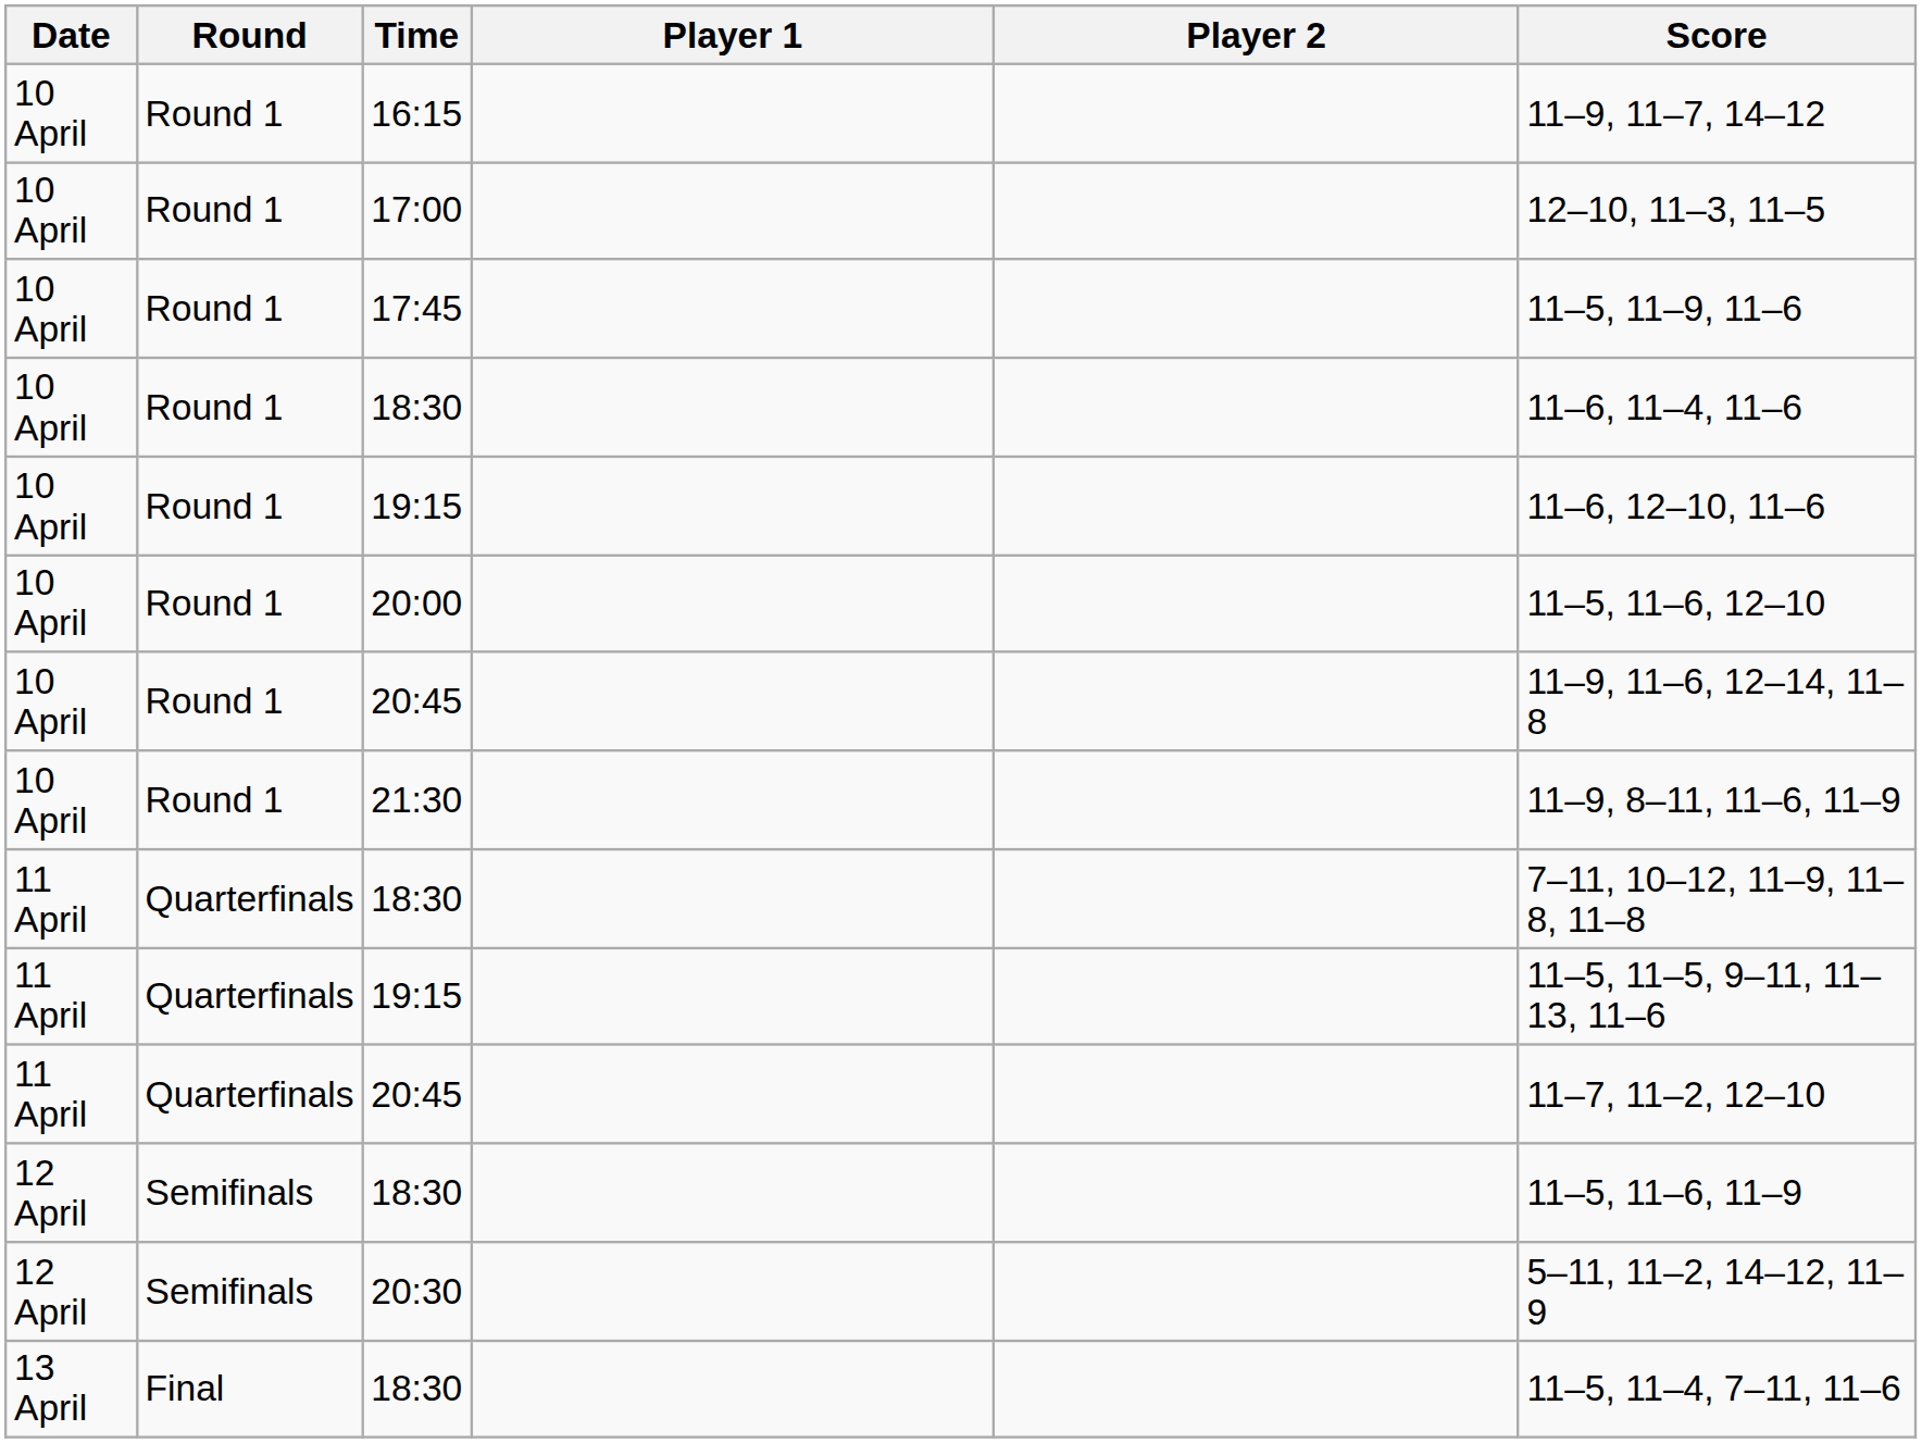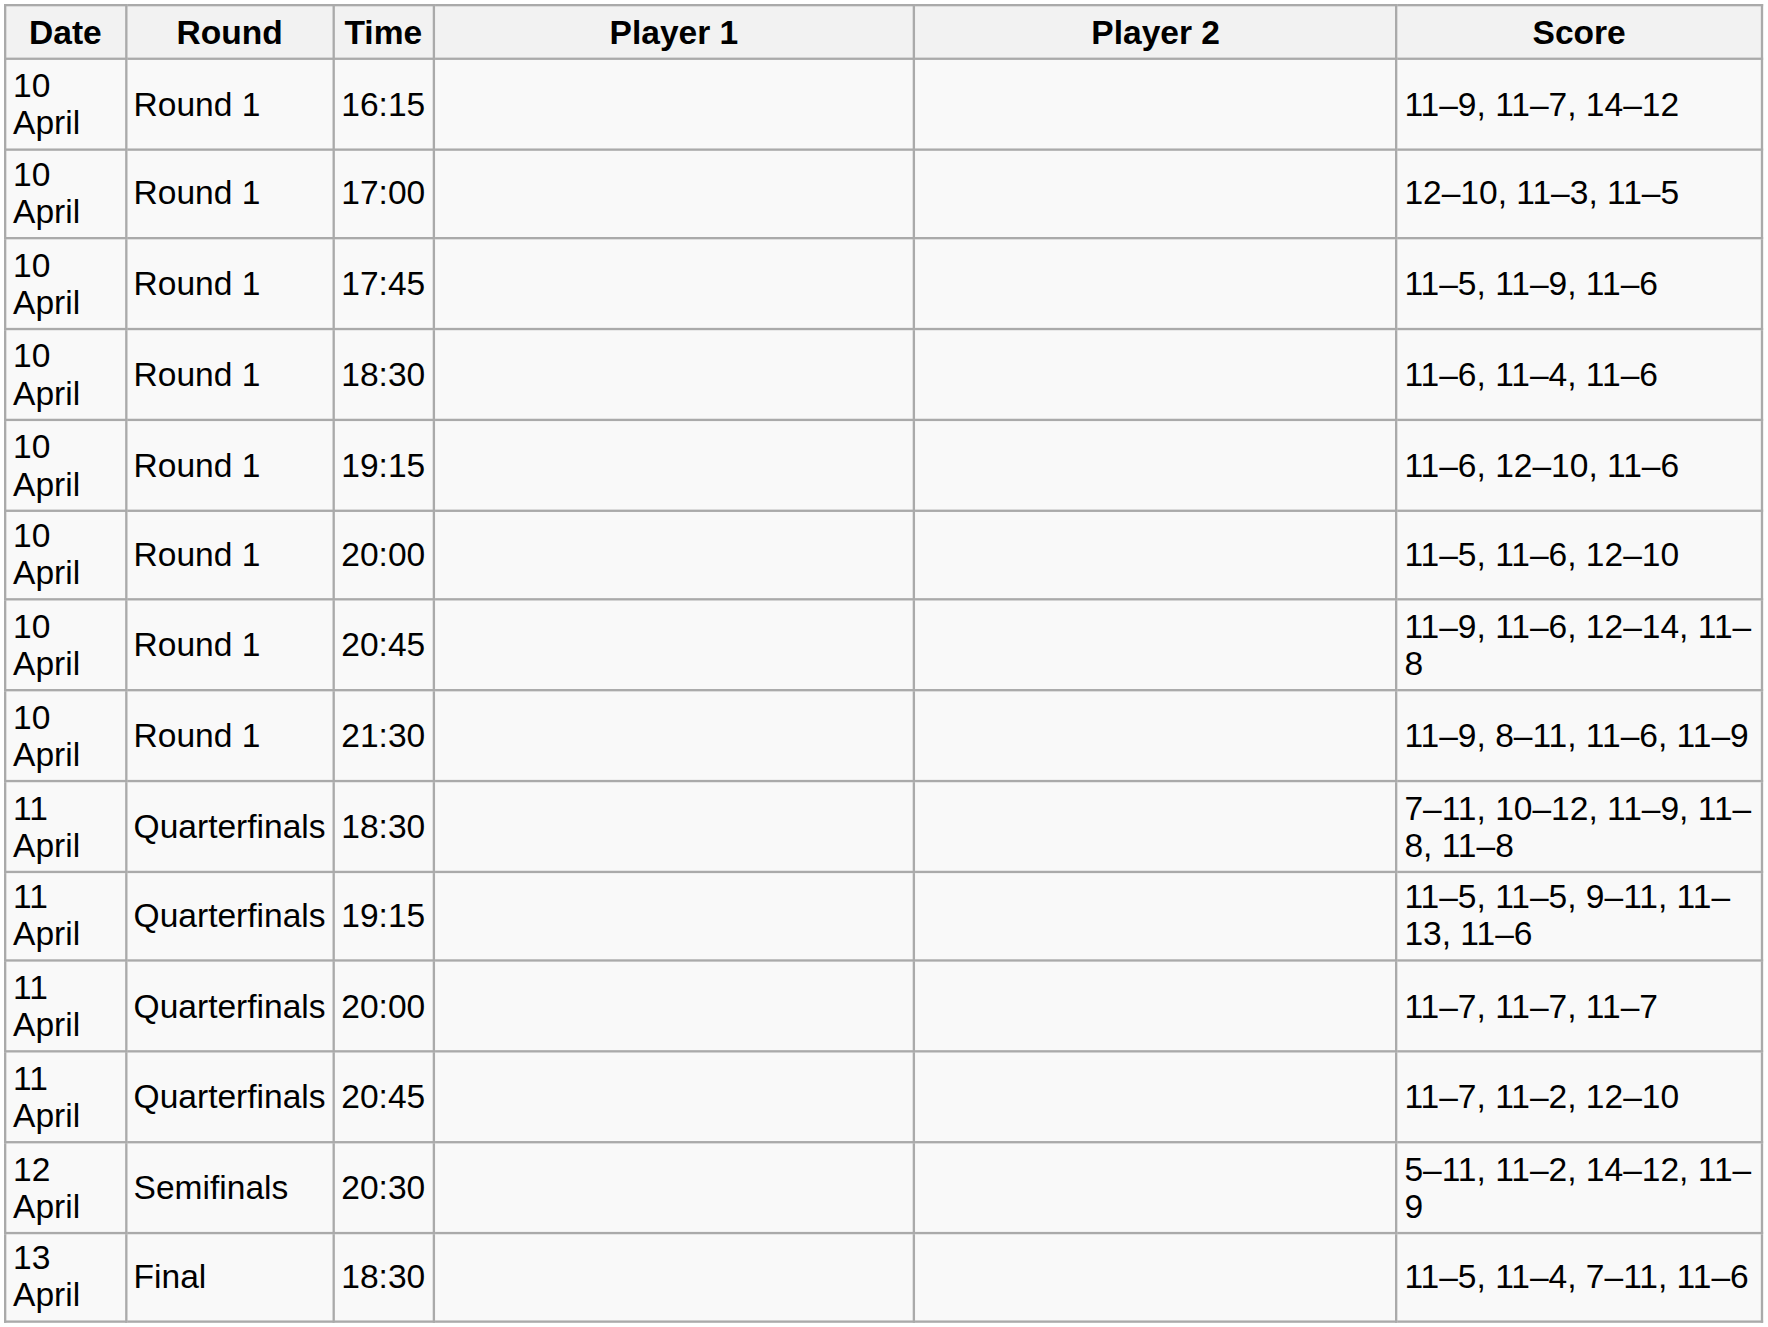 <table class="sortable wikitable" style="font-size:90%">
 <tr>
 <th width="45" class="unsortable">Date</th>
 <th width="55">Round</th>
 <th width="30">Time</th>
 <th width="200">Player 1</th>
 <th width="200">Player 2</th>
 <th width="150" class="unsortable">Score</th>
 </tr>
 <tr>
 <td>10 April</td>
 <td>Round 1</td>
 <td>16:15</td>
 <td></td>
 <td><strong></strong></td>
 <td>11–9, 11–7, 14–12</td>
 </tr>
 <tr>
 <td>10 April</td>
 <td>Round 1</td>
 <td>17:00</td>
 <td><strong></strong></td>
 <td></td>
 <td>12–10, 11–3, 11–5</td>
 </tr>
 <tr>
 <td>10 April</td>
 <td>Round 1</td>
 <td>17:45</td>
 <td></td>
 <td><strong></strong></td>
 <td>11–5, 11–9, 11–6</td>
 </tr>
 <tr>
 <td>10 April</td>
 <td>Round 1</td>
 <td>18:30</td>
 <td><strong></strong></td>
 <td></td>
 <td>11–6, 11–4, 11–6</td>
 </tr>
 <tr>
 <td>10 April</td>
 <td>Round 1</td>
 <td>19:15</td>
 <td></td>
 <td><strong></strong></td>
 <td>11–6, 12–10, 11–6</td>
 </tr>
 <tr>
 <td>10 April</td>
 <td>Round 1</td>
 <td>20:00</td>
 <td><strong></strong></td>
 <td></td>
 <td>11–5, 11–6, 12–10</td>
 </tr>
 <tr>
 <td>10 April</td>
 <td>Round 1</td>
 <td>20:45</td>
 <td><strong></strong></td>
 <td></td>
 <td>11–9, 11–6, 12–14, 11–8</td>
 </tr>
 <tr>
 <td>10 April</td>
 <td>Round 1</td>
 <td>21:30</td>
 <td><strong></strong></td>
 <td></td>
 <td>11–9, 8–11, 11–6, 11–9</td>
 </tr>
 <tr>
 <td>11 April</td>
 <td>Quarterfinals</td>
 <td>18:30</td>
 <td><strong></strong></td>
 <td></td>
 <td>7–11, 10–12, 11–9, 11–8, 11–8</td>
 </tr>
 <tr>
 <td>11 April</td>
 <td>Quarterfinals</td>
 <td>19:15</td>
 <td><strong></strong></td>
 <td></td>
 <td>11–5, 11–5, 9–11, 11–13, 11–6</td>
 </tr>
 <tr>
 <td>11 April</td>
 <td>Quarterfinals</td>
+<td>20:00</td>
+<td><strong></strong></td>
+<td></td>
+<td>11–7, 11–7, 11–7</td>
+</tr>
+<tr>
+<td>11 April</td>
+<td>Quarterfinals</td>
 <td>20:45</td>
 <td></td>
 <td><strong></strong></td>
 <td>11–7, 11–2, 12–10</td>
-</tr>
-<tr>
-<td>12 April</td>
-<td>Semifinals</td>
-<td>18:30</td>
-<td><strong></strong></td>
-<td></td>
-<td>11–5, 11–6, 11–9</td>
 </tr>
 <tr>
 <td>12 April</td>
 <td>Semifinals</td>
 <td>20:30</td>
 <td><strong></strong></td>
 <td></td>
 <td>5–11, 11–2, 14–12, 11–9</td>
 </tr>
 <tr>
 <td>13 April</td>
 <td>Final</td>
 <td>18:30</td>
 <td><strong></strong></td>
 <td></td>
 <td>11–5, 11–4, 7–11, 11–6</td>
 </tr>
 </table>
